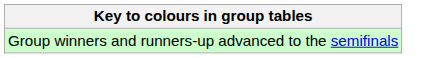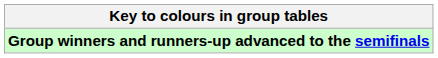 <table class="wikitable">
 <tr>
 <th>Key to colours in group tables</th>
 </tr>
 <tr bgcolor=#ccffcc>
-<td>Group winners and runners-up advanced to the <a href='#'>semifinals</a></td>
+<td><strong>Group winners and runners-up advanced to the <a href='#'>semifinals</a></strong></td>
 </tr>
 </table>
